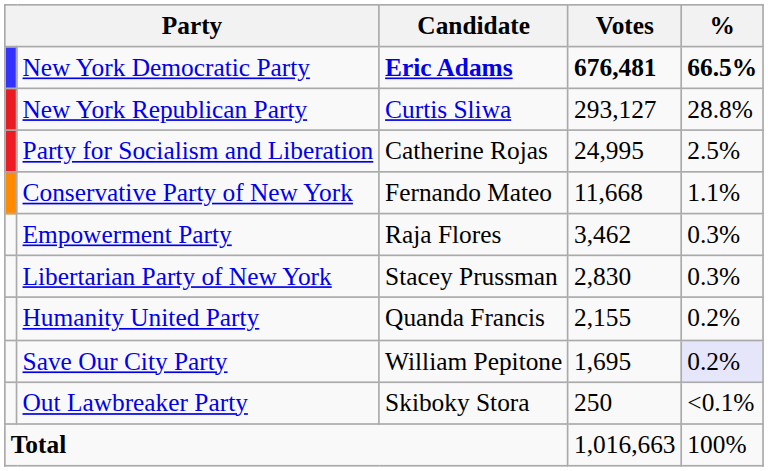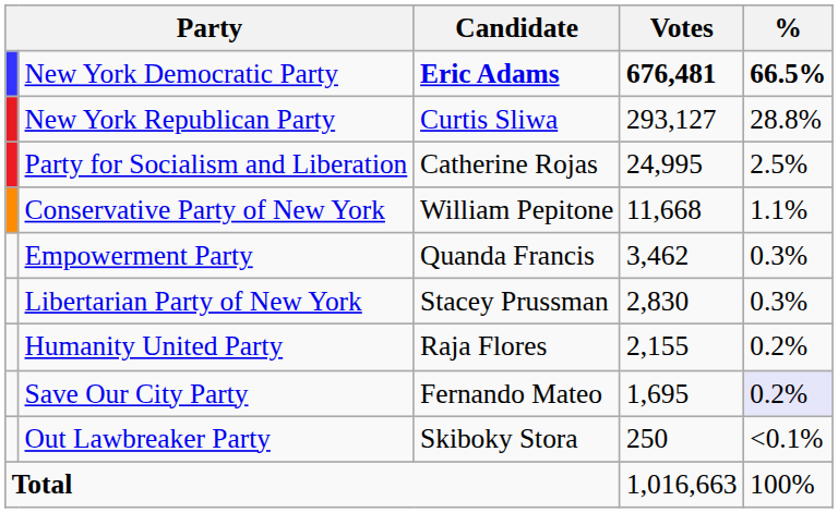 <table class="wikitable" style="font-size: 95%">
 <tr>
 <th colspan="2">Party</th>
 <th>Candidate</th>
 <th>Votes</th>
 <th>%</th>
 </tr>
 <tr>
 <td bgcolor="#3333FF"></td>
 <td><a href='#'>New York Democratic Party</a></td>
 <td><strong><a href='#'>Eric Adams</a></strong></td>
 <td><strong>676,481</strong></td>
 <td><strong>66.5%</strong></td>
 </tr>
 <tr>
 <td bgcolor="#E81B23"></td>
 <td><a href='#'>New York Republican Party</a></td>
 <td><a href='#'>Curtis Sliwa</a></td>
 <td>293,127</td>
 <td>28.8%</td>
 </tr>
 <tr>
 <td bgcolor="#ED1C24"></td>
 <td><a href='#'>Party for Socialism and Liberation</a></td>
 <td>Catherine Rojas</td>
 <td>24,995</td>
 <td>2.5%</td>
 </tr>
 <tr>
 <td bgcolor="#FF8C00"></td>
 <td><a href='#'>Conservative Party of New York</a></td>
-<td>Fernando Mateo</td>
+<td>William Pepitone</td>
 <td>11,668</td>
 <td>1.1%</td>
 </tr>
 <tr>
 <td></td>
 <td><a href='#'>Empowerment Party</a></td>
-<td>Raja Flores</td>
+<td>Quanda Francis</td>
 <td>3,462</td>
 <td>0.3%</td>
 </tr>
 <tr>
 <td></td>
 <td><a href='#'>Libertarian Party of New York</a></td>
 <td>Stacey Prussman</td>
 <td>2,830</td>
 <td>0.3%</td>
 </tr>
 <tr>
 <td></td>
 <td><a href='#'>Humanity United Party</a></td>
-<td>Quanda Francis</td>
+<td>Raja Flores</td>
 <td>2,155</td>
 <td>0.2%</td>
 </tr>
 <tr>
 <td></td>
 <td><a href='#'>Save Our City Party</a></td>
-<td>William Pepitone</td>
+<td>Fernando Mateo</td>
 <td>1,695</td>
 <td style="background: lavender;">0.2%</td>
 </tr>
 <tr>
 <td></td>
 <td><a href='#'>Out Lawbreaker Party</a></td>
 <td>Skiboky Stora</td>
 <td>250</td>
 <td><0.1%</td>
 </tr>
 <tr>
 <td colspan="3"><strong>Total</strong></td>
 <td>1,016,663</td>
 <td>100%</td>
 </tr>
 </table>
